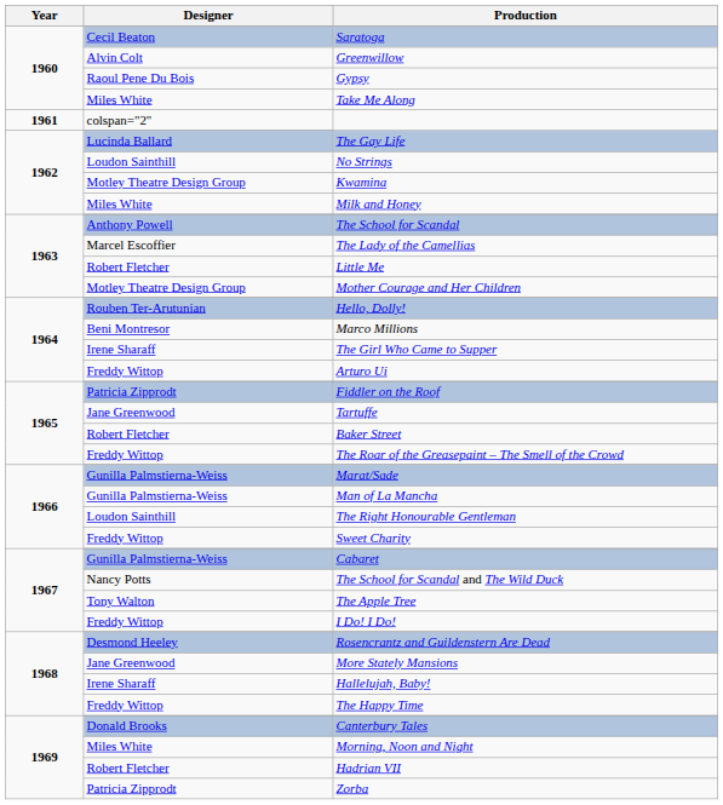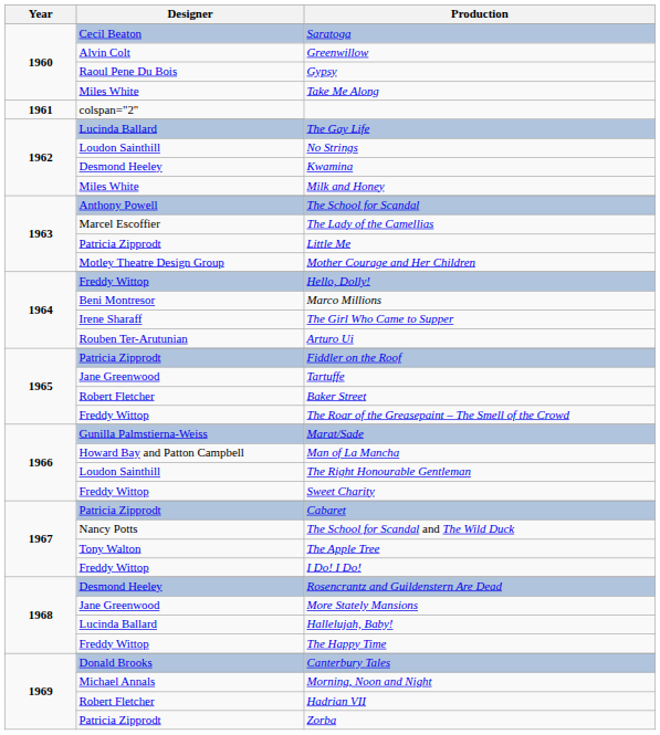 <table class="wikitable" style="width:98%;">
 <tr style="background:#bebebe;">
 <th style="width:11%;">Year</th>
 <th style="width:35%;”">Designer</th>
 <th style="width:54%;”">Production</th>
 </tr>
 <tr>
 <td rowspan="5" align="center"><strong>1960</strong><br></td>
 </tr>
 <tr style="background:#B0C4DE">
 <td><a href='#'>Cecil Beaton</a></td>
 <td><em><a href='#'>Saratoga</a></em></td>
 </tr>
 <tr>
 <td><a href='#'>Alvin Colt</a></td>
 <td><em><a href='#'>Greenwillow</a></em></td>
 </tr>
 <tr>
 <td><a href='#'>Raoul Pene Du Bois</a></td>
 <td><em><a href='#'>Gypsy</a></em></td>
 </tr>
 <tr>
 <td><a href='#'>Miles White</a></td>
 <td><em><a href='#'>Take Me Along</a></em></td>
 </tr>
 <tr>
 <td align="center"><strong>1961</strong><br></td>
 <td>colspan="2" </td>
 </tr>
 <tr>
 <td rowspan="5" align="center"><strong>1962</strong><br></td>
 </tr>
 <tr style="background:#B0C4DE">
 <td><a href='#'>Lucinda Ballard</a></td>
 <td><em><a href='#'>The Gay Life</a></em></td>
 </tr>
 <tr>
 <td><a href='#'>Loudon Sainthill</a></td>
 <td><em><a href='#'>No Strings</a></em></td>
 </tr>
 <tr>
-<td><a href='#'>Motley Theatre Design Group</a></td>
+<td><a href='#'>Desmond Heeley</a></td>
 <td><em><a href='#'>Kwamina</a></em></td>
 </tr>
 <tr>
 <td><a href='#'>Miles White</a></td>
 <td><em><a href='#'>Milk and Honey</a></em></td>
 </tr>
 <tr>
 <td rowspan="5" align="center"><strong>1963</strong><br></td>
 </tr>
 <tr style="background:#B0C4DE">
 <td><a href='#'>Anthony Powell</a></td>
 <td><em><a href='#'>The School for Scandal</a></em></td>
 </tr>
 <tr>
 <td>Marcel Escoffier</td>
 <td><em><a href='#'>The Lady of the Camellias</a></em></td>
 </tr>
 <tr>
-<td><a href='#'>Robert Fletcher</a></td>
+<td><a href='#'>Patricia Zipprodt</a></td>
 <td><em><a href='#'>Little Me</a></em></td>
 </tr>
 <tr>
 <td><a href='#'>Motley Theatre Design Group</a></td>
 <td><em><a href='#'>Mother Courage and Her Children</a></em></td>
 </tr>
 <tr>
 <td rowspan="5" align="center"><strong>1964</strong><br></td>
 </tr>
 <tr style="background:#B0C4DE">
-<td><a href='#'>Rouben Ter-Arutunian</a></td>
+<td><a href='#'>Freddy Wittop</a></td>
 <td><em><a href='#'>Hello, Dolly!</a></em></td>
 </tr>
 <tr>
 <td><a href='#'>Beni Montresor</a></td>
 <td><em>Marco Millions</em></td>
 </tr>
 <tr>
 <td><a href='#'>Irene Sharaff</a></td>
 <td><em><a href='#'>The Girl Who Came to Supper</a></em></td>
 </tr>
 <tr>
-<td><a href='#'>Freddy Wittop</a></td>
+<td><a href='#'>Rouben Ter-Arutunian</a></td>
 <td><em><a href='#'>Arturo Ui</a></em></td>
 </tr>
 <tr>
 <td rowspan="5" align="center"><strong>1965</strong><br></td>
 </tr>
 <tr style="background:#B0C4DE">
 <td><a href='#'>Patricia Zipprodt</a></td>
 <td><em><a href='#'>Fiddler on the Roof</a></em></td>
 </tr>
 <tr>
 <td><a href='#'>Jane Greenwood</a></td>
 <td><em><a href='#'>Tartuffe</a></em></td>
 </tr>
 <tr>
 <td><a href='#'>Robert Fletcher</a></td>
 <td><em><a href='#'>Baker Street</a></em></td>
 </tr>
 <tr>
 <td><a href='#'>Freddy Wittop</a></td>
 <td><em><a href='#'>The Roar of the Greasepaint – The Smell of the Crowd</a></em></td>
 </tr>
 <tr>
 <td rowspan="5" align="center"><strong>1966</strong><br></td>
 </tr>
 <tr style="background:#B0C4DE">
 <td><a href='#'>Gunilla Palmstierna-Weiss</a></td>
 <td><em><a href='#'>Marat/Sade</a></em></td>
 </tr>
 <tr>
-<td><a href='#'>Gunilla Palmstierna-Weiss</a></td>
+<td><a href='#'>Howard Bay</a> and Patton Campbell</td>
 <td><em><a href='#'>Man of La Mancha</a></em></td>
 </tr>
 <tr>
 <td><a href='#'>Loudon Sainthill</a></td>
 <td><em><a href='#'>The Right Honourable Gentleman</a></em></td>
 </tr>
 <tr>
 <td><a href='#'>Freddy Wittop</a></td>
 <td><em><a href='#'>Sweet Charity</a></em></td>
 </tr>
 <tr>
 <td rowspan="5" align="center"><strong>1967</strong><br></td>
 </tr>
 <tr style="background:#B0C4DE">
-<td><a href='#'>Gunilla Palmstierna-Weiss</a></td>
+<td><a href='#'>Patricia Zipprodt</a></td>
 <td><em><a href='#'>Cabaret</a></em></td>
 </tr>
 <tr>
 <td>Nancy Potts</td>
 <td><em><a href='#'>The School for Scandal</a></em> and <em><a href='#'>The Wild Duck</a></em></td>
 </tr>
 <tr>
 <td><a href='#'>Tony Walton</a></td>
 <td><em><a href='#'>The Apple Tree</a></em></td>
 </tr>
 <tr>
 <td><a href='#'>Freddy Wittop</a></td>
 <td><em><a href='#'>I Do! I Do!</a></em></td>
 </tr>
 <tr>
 <td rowspan="5" align="center"><strong>1968</strong><br></td>
 </tr>
 <tr style="background:#B0C4DE">
 <td><a href='#'>Desmond Heeley</a></td>
 <td><em><a href='#'>Rosencrantz and Guildenstern Are Dead</a></em></td>
 </tr>
 <tr>
 <td><a href='#'>Jane Greenwood</a></td>
 <td><em><a href='#'>More Stately Mansions</a></em></td>
 </tr>
 <tr>
-<td><a href='#'>Irene Sharaff</a></td>
+<td><a href='#'>Lucinda Ballard</a></td>
 <td><em><a href='#'>Hallelujah, Baby!</a></em></td>
 </tr>
 <tr>
 <td><a href='#'>Freddy Wittop</a></td>
 <td><em><a href='#'>The Happy Time</a></em></td>
 </tr>
 <tr>
 <td rowspan="5" align="center"><strong>1969</strong><br></td>
 </tr>
 <tr style="background:#B0C4DE">
 <td><a href='#'>Donald Brooks</a></td>
 <td><em><a href='#'>Canterbury Tales</a></em></td>
 </tr>
 <tr>
-<td><a href='#'>Miles White</a></td>
+<td><a href='#'>Michael Annals</a></td>
 <td><em><a href='#'>Morning, Noon and Night</a></em></td>
 </tr>
 <tr>
 <td><a href='#'>Robert Fletcher</a></td>
 <td><em><a href='#'>Hadrian VII</a></em></td>
 </tr>
 <tr>
 <td><a href='#'>Patricia Zipprodt</a></td>
 <td><em><a href='#'>Zorba</a></em></td>
 </tr>
 </table>
